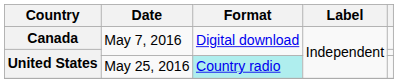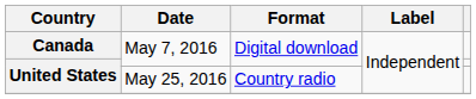 <table class="wikitable plainrowheaders">
 <tr>
 <th scope="col">Country</th>
 <th scope="col">Date</th>
 <th scope="col">Format</th>
 <th scope="col">Label</th>
 <th scope="col"></th>
 </tr>
 <tr>
 <th scope="row">Canada</th>
 <td rowspan="2">May 7, 2016</td>
 <td rowspan="2"><a href='#'>Digital download</a></td>
 <td rowspan="3">Independent </td>
 <td></td>
 </tr>
 <tr>
 <th scope="row" rowspan="2">United States</th>
 <td></td>
 </tr>
 <tr>
 <td>May 25, 2016</td>
-<td style="background: paleturquoise;"><a href='#'>Country radio</a></td>
+<td><a href='#'>Country radio</a></td>
 <td></td>
 </tr>
 <tr>
 </tr>
 </table>
